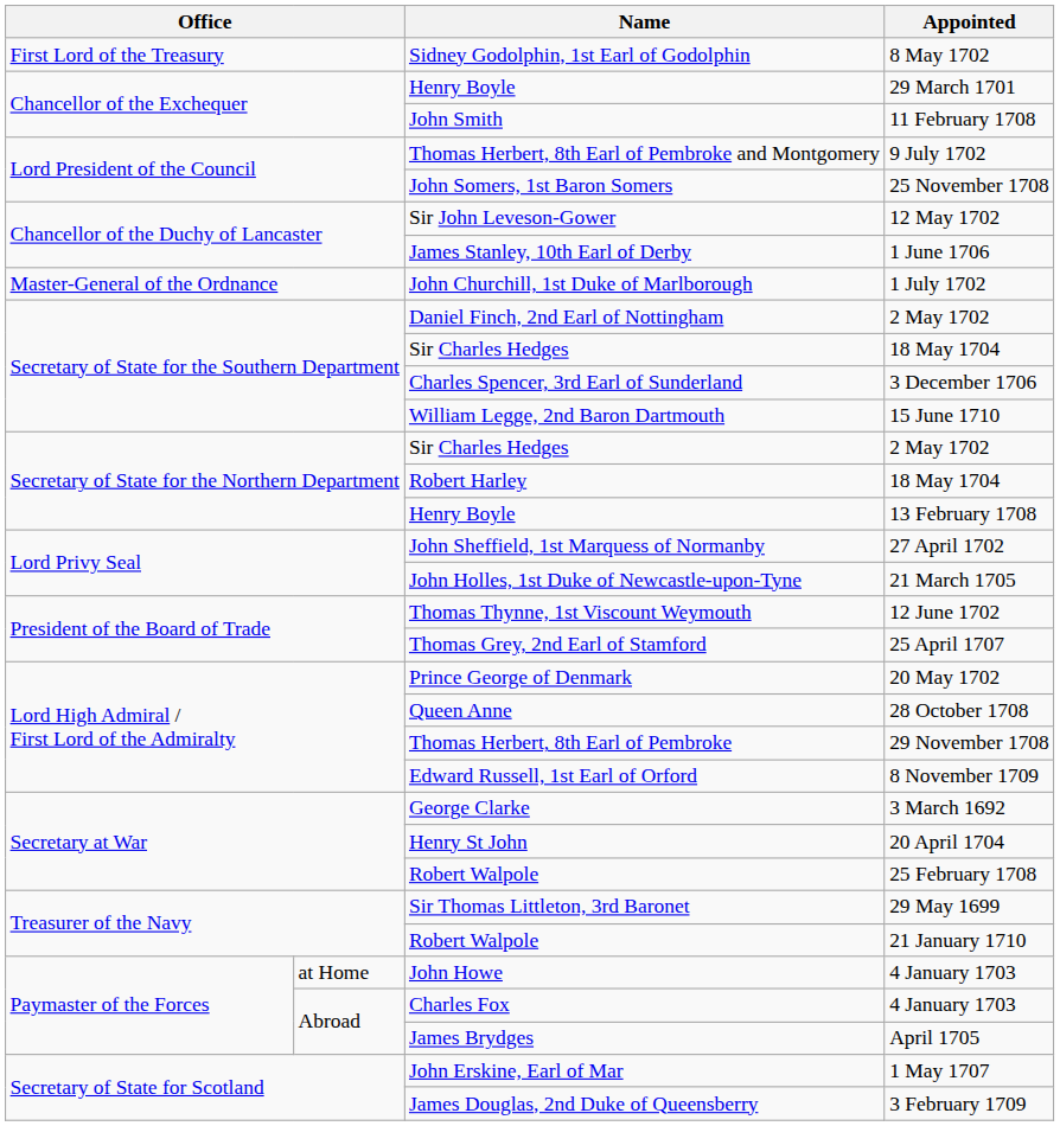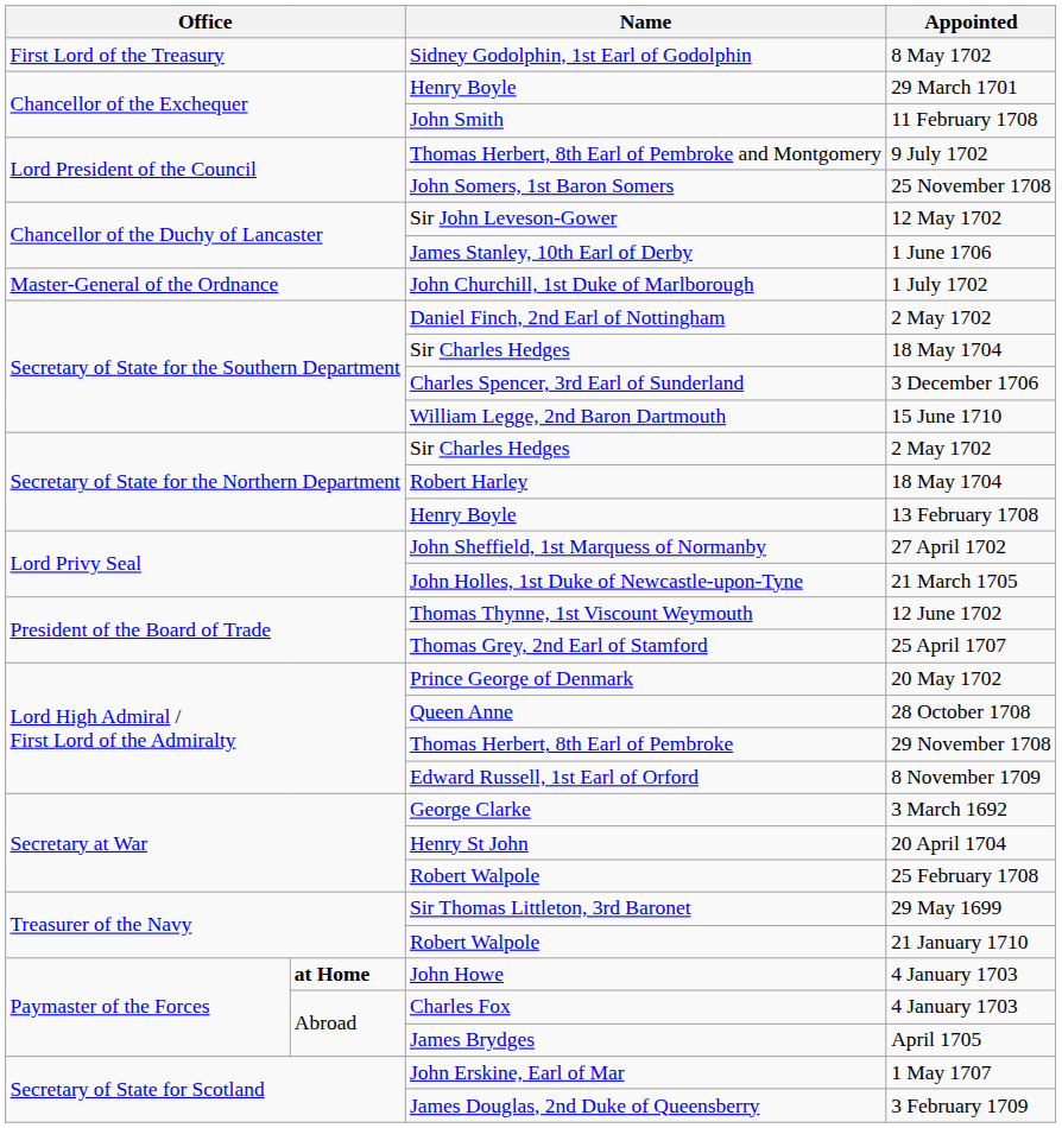 <table class="wikitable">
 <tr>
 <th colspan=2>Office</th>
 <th>Name</th>
 <th>Appointed</th>
 </tr>
 <tr>
 <td colspan=2><a href='#'>First Lord of the Treasury</a></td>
 <td><a href='#'>Sidney Godolphin, 1st Earl of Godolphin</a></td>
 <td>8 May 1702</td>
 </tr>
 <tr>
 <td rowspan=2 colspan=2><a href='#'>Chancellor of the Exchequer</a></td>
 <td><a href='#'>Henry Boyle</a></td>
 <td>29 March 1701</td>
 </tr>
 <tr>
 <td><a href='#'>John Smith</a></td>
 <td>11 February 1708</td>
 </tr>
 <tr>
 <td rowspan=2 colspan=2><a href='#'>Lord President of the Council</a></td>
 <td><a href='#'>Thomas Herbert, 8th Earl of Pembroke</a> and Montgomery</td>
 <td>9 July 1702</td>
 </tr>
 <tr>
 <td><a href='#'>John Somers, 1st Baron Somers</a></td>
 <td>25 November 1708</td>
 </tr>
 <tr>
 <td rowspan=2 colspan=2><a href='#'>Chancellor of the Duchy of Lancaster</a></td>
 <td>Sir <a href='#'>John Leveson-Gower</a></td>
 <td>12 May 1702</td>
 </tr>
 <tr>
 <td><a href='#'>James Stanley, 10th Earl of Derby</a></td>
 <td>1 June 1706</td>
 </tr>
 <tr>
 <td colspan=2><a href='#'>Master-General of the Ordnance</a></td>
 <td><a href='#'>John Churchill, 1st Duke of Marlborough</a></td>
 <td>1 July 1702</td>
 </tr>
 <tr>
 <td rowspan=4 colspan=2><a href='#'>Secretary of State for the Southern Department</a></td>
 <td><a href='#'>Daniel Finch, 2nd Earl of Nottingham</a></td>
 <td>2 May 1702</td>
 </tr>
 <tr>
 <td>Sir <a href='#'>Charles Hedges</a></td>
 <td>18 May 1704</td>
 </tr>
 <tr>
 <td><a href='#'>Charles Spencer, 3rd Earl of Sunderland</a></td>
 <td>3 December 1706</td>
 </tr>
 <tr>
 <td><a href='#'>William Legge, 2nd Baron Dartmouth</a></td>
 <td>15 June 1710</td>
 </tr>
 <tr>
 <td rowspan=3 colspan=2><a href='#'>Secretary of State for the Northern Department</a></td>
 <td>Sir <a href='#'>Charles Hedges</a></td>
 <td>2 May 1702</td>
 </tr>
 <tr>
 <td><a href='#'>Robert Harley</a></td>
 <td>18 May 1704</td>
 </tr>
 <tr>
 <td><a href='#'>Henry Boyle</a></td>
 <td>13 February 1708</td>
 </tr>
 <tr>
 <td rowspan=2 colspan=2><a href='#'>Lord Privy Seal</a></td>
 <td><a href='#'>John Sheffield, 1st Marquess of Normanby</a></td>
 <td>27 April 1702</td>
 </tr>
 <tr>
 <td><a href='#'>John Holles, 1st Duke of Newcastle-upon-Tyne</a></td>
 <td>21 March 1705</td>
 </tr>
 <tr>
 <td rowspan=2 colspan=2><a href='#'>President of the Board of Trade</a></td>
 <td><a href='#'>Thomas Thynne, 1st Viscount Weymouth</a></td>
 <td>12 June 1702</td>
 </tr>
 <tr>
 <td><a href='#'>Thomas Grey, 2nd Earl of Stamford</a></td>
 <td>25 April 1707</td>
 </tr>
 <tr>
 <td rowspan=4 colspan=2><a href='#'>Lord High Admiral</a> /<br><a href='#'>First Lord of the Admiralty</a></td>
 <td><a href='#'>Prince George of Denmark</a></td>
 <td>20 May 1702</td>
 </tr>
 <tr>
 <td><a href='#'>Queen Anne</a></td>
 <td>28 October 1708</td>
 </tr>
 <tr>
 <td><a href='#'>Thomas Herbert, 8th Earl of Pembroke</a></td>
 <td>29 November 1708</td>
 </tr>
 <tr>
 <td><a href='#'>Edward Russell, 1st Earl of Orford</a></td>
 <td>8 November 1709</td>
 </tr>
 <tr>
 <td rowspan=3 colspan=2><a href='#'>Secretary at War</a></td>
 <td><a href='#'>George Clarke</a></td>
 <td>3 March 1692</td>
 </tr>
 <tr>
 <td><a href='#'>Henry St John</a></td>
 <td>20 April 1704</td>
 </tr>
 <tr>
 <td><a href='#'>Robert Walpole</a></td>
 <td>25 February 1708</td>
 </tr>
 <tr>
 <td rowspan=2 colspan=2><a href='#'>Treasurer of the Navy</a></td>
 <td><a href='#'>Sir Thomas Littleton, 3rd Baronet</a></td>
 <td>29 May 1699</td>
 </tr>
 <tr>
 <td><a href='#'>Robert Walpole</a></td>
 <td>21 January 1710</td>
 </tr>
 <tr>
 <td rowspan=3><a href='#'>Paymaster of the Forces</a></td>
-<td>at Home</td>
+<td><strong>at Home</strong></td>
 <td><a href='#'>John Howe</a></td>
 <td>4 January 1703</td>
 </tr>
 <tr>
 <td rowspan=2>Abroad</td>
 <td><a href='#'>Charles Fox</a></td>
 <td>4 January 1703</td>
 </tr>
 <tr>
 <td><a href='#'>James Brydges</a></td>
 <td>April 1705</td>
 </tr>
 <tr>
 <td rowspan=2 colspan=2><a href='#'>Secretary of State for Scotland</a></td>
 <td><a href='#'>John Erskine, Earl of Mar</a></td>
 <td>1 May 1707</td>
 </tr>
 <tr>
 <td><a href='#'>James Douglas, 2nd Duke of Queensberry</a></td>
 <td>3 February 1709</td>
 </tr>
 </table>
